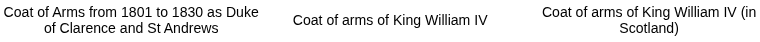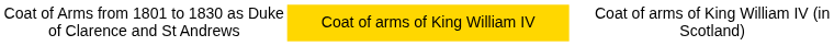 <table border="0"  style="margin:auto; width:70%;">
 <tr>
 <th width=33%></th>
 <th width=33%></th>
 <th width=33%></th>
 </tr>
 <tr>
 <td style="text-align: center;">Coat of Arms from 1801 to 1830 as Duke of Clarence and St Andrews</td>
-<td style="text-align: center;">Coat of arms of King William IV</td>
+<td style="background: gold; text-align: center;">Coat of arms of King William IV</td>
 <td style="text-align: center;">Coat of arms of King William IV (in Scotland)</td>
 </tr>
 </table>
